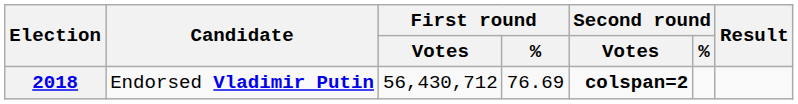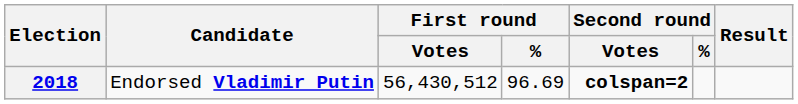 <table class=wikitable style=text-align:right>
 <tr>
 <th rowspan="2">Election</th>
 <th rowspan="2">Candidate</th>
 <th colspan="2" scope="col">First round</th>
 <th colspan="2">Second round</th>
 <th rowspan="2">Result</th>
 </tr>
 <tr>
 <th>Votes</th>
 <th>%</th>
 <th>Votes</th>
 <th>%</th>
 </tr>
 <tr>
 <th><a href='#'>2018</a></th>
 <td align=left>Endorsed <strong><a href='#'>Vladimir Putin</a></strong></td>
-<td>56,430,712</td>
-<td>76.69</td>
+<td>56,430,512</td>
+<td>96.69</td>
 <td><strong>colspan=2 </strong></td>
 <td></td>
 </tr>
 </table>
